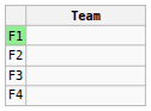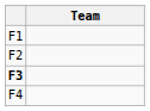 <table class="wikitable" style="display:inline-table;">
 <tr>
 <th></th>
 <th width=120>Team</th>
 </tr>
 <tr>
-<td align=center style="background: lightgreen;">F1</td>
+<td align=center>F1</td>
 <td></td>
 </tr>
 <tr>
 <td align=center>F2</td>
 <td></td>
 </tr>
 <tr>
-<td align=center>F3</td>
+<td align=center><strong>F3</strong></td>
 <td></td>
 </tr>
 <tr>
 <td align=center>F4</td>
 <td></td>
 </tr>
 </table>
